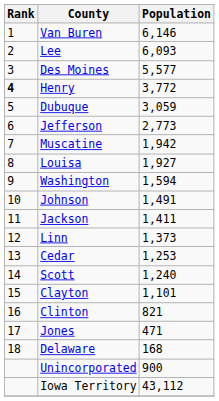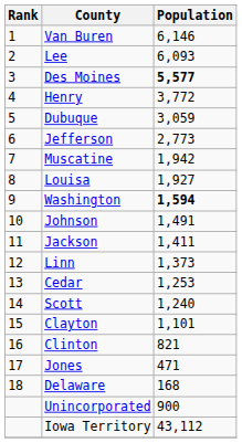 <table class=wikitable>
 <tr>
 <th>Rank</th>
 <th>County</th>
 <th>Population</th>
 </tr>
 <tr>
 <td>1</td>
 <td><a href='#'>Van Buren</a></td>
 <td>6,146</td>
 </tr>
 <tr>
 <td>2</td>
 <td><a href='#'>Lee</a></td>
 <td>6,093</td>
 </tr>
 <tr>
 <td>3</td>
 <td><a href='#'>Des Moines</a></td>
-<td>5,577</td>
+<td><strong>5,577</strong></td>
 </tr>
 <tr>
-<td><strong>4</strong></td>
+<td>4</td>
 <td><a href='#'>Henry</a></td>
 <td>3,772</td>
 </tr>
 <tr>
 <td>5</td>
 <td><a href='#'>Dubuque</a></td>
 <td>3,059</td>
 </tr>
 <tr>
 <td>6</td>
 <td><a href='#'>Jefferson</a></td>
 <td>2,773</td>
 </tr>
 <tr>
 <td>7</td>
 <td><a href='#'>Muscatine</a></td>
 <td>1,942</td>
 </tr>
 <tr>
 <td>8</td>
 <td><a href='#'>Louisa</a></td>
 <td>1,927</td>
 </tr>
 <tr>
 <td>9</td>
 <td><a href='#'>Washington</a></td>
-<td>1,594</td>
+<td><strong>1,594</strong></td>
 </tr>
 <tr>
 <td>10</td>
 <td><a href='#'>Johnson</a></td>
 <td>1,491</td>
 </tr>
 <tr>
 <td>11</td>
 <td><a href='#'>Jackson</a></td>
 <td>1,411</td>
 </tr>
 <tr>
 <td>12</td>
 <td><a href='#'>Linn</a></td>
 <td>1,373</td>
 </tr>
 <tr>
 <td>13</td>
 <td><a href='#'>Cedar</a></td>
 <td>1,253</td>
 </tr>
 <tr>
 <td>14</td>
 <td><a href='#'>Scott</a></td>
 <td>1,240</td>
 </tr>
 <tr>
 <td>15</td>
 <td><a href='#'>Clayton</a></td>
 <td>1,101</td>
 </tr>
 <tr>
 <td>16</td>
 <td><a href='#'>Clinton</a></td>
 <td>821</td>
 </tr>
 <tr>
 <td>17</td>
 <td><a href='#'>Jones</a></td>
 <td>471</td>
 </tr>
 <tr>
 <td>18</td>
 <td><a href='#'>Delaware</a></td>
 <td>168</td>
 </tr>
 <tr>
 <td></td>
 <td><a href='#'>Unincorporated</a></td>
 <td>900</td>
 </tr>
 <tr>
 <td></td>
 <td>Iowa Territory</td>
 <td>43,112</td>
 </tr>
 <tr>
 </tr>
 </table>
